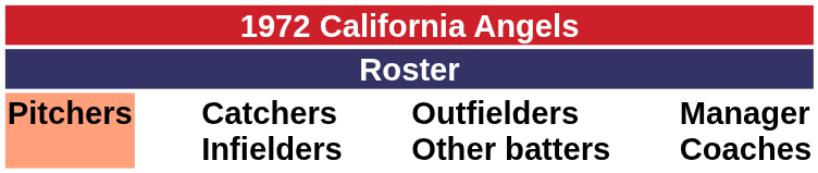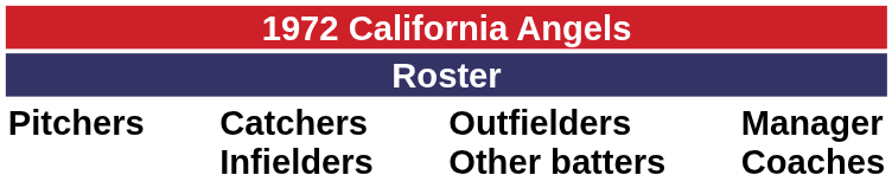 <table class="toccolours" style="font-size: 95%;">
 <tr>
 <th colspan="10" style="background-color: #CE2029; color: white; text-align: center;">1972 California Angels</th>
 </tr>
 <tr>
 <td colspan="10" style="background-color: #333366; color: white; text-align: center;"><strong>Roster</strong></td>
 </tr>
 <tr>
-<td valign="top" style="background: lightsalmon;"><strong>Pitchers</strong><br>               </td>
+<td valign="top"><strong>Pitchers</strong><br>               </td>
 <td width="25px"></td>
 <td valign="top"><strong>Catchers</strong><br>     <strong>Infielders</strong>        </td>
 <td width="25px"></td>
 <td valign="top"><strong>Outfielders</strong><br>         <strong>Other batters</strong>  </td>
 <td width="25px"></td>
 <td valign="top"><strong>Manager</strong><br> <strong>Coaches</strong>    </td>
 </tr>
 </table>
